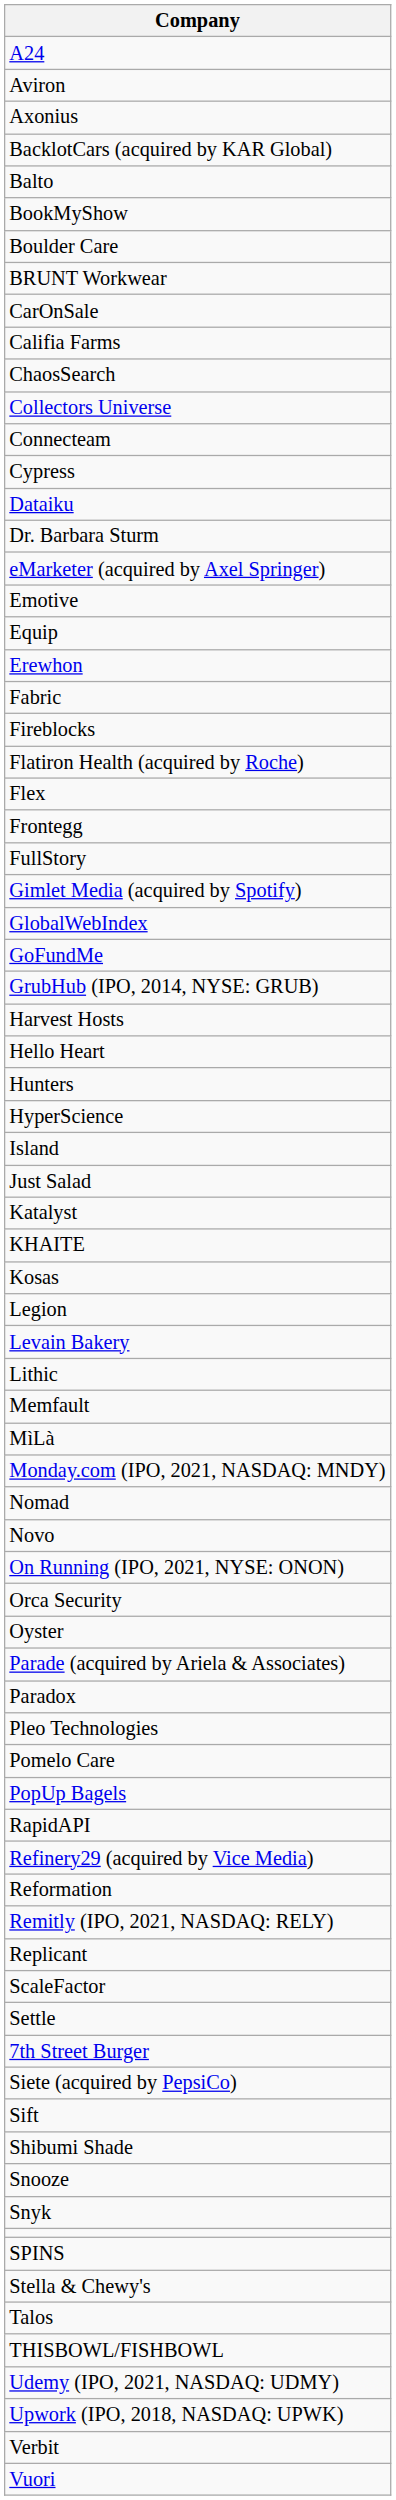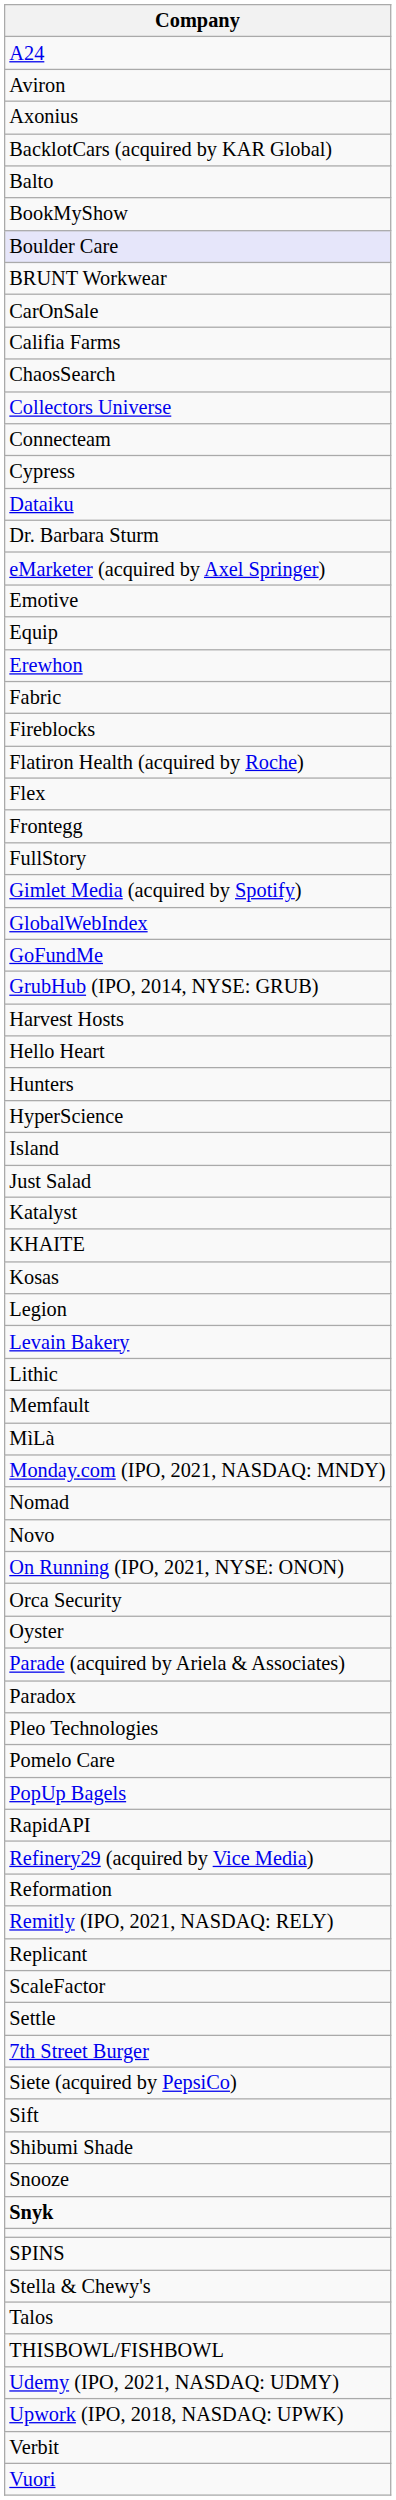 <table class="wikitable">
 <tr>
 <th>Company</th>
 </tr>
 <tr>
 <td><a href='#'>A24</a></td>
 </tr>
 <tr>
 <td>Aviron</td>
 </tr>
 <tr>
 <td>Axonius</td>
 </tr>
 <tr>
 <td>BacklotCars (acquired by KAR Global)</td>
 </tr>
 <tr>
 <td>Balto</td>
 </tr>
 <tr>
 <td>BookMyShow</td>
 </tr>
 <tr>
-<td>Boulder Care</td>
+<td style="background: lavender;">Boulder Care</td>
 </tr>
 <tr>
 <td>BRUNT Workwear</td>
 </tr>
 <tr>
 <td>CarOnSale</td>
 </tr>
 <tr>
 <td>Califia Farms</td>
 </tr>
 <tr>
 <td>ChaosSearch</td>
 </tr>
 <tr>
 <td><a href='#'>Collectors Universe</a></td>
 </tr>
 <tr>
 <td>Connecteam</td>
 </tr>
 <tr>
 <td>Cypress</td>
 </tr>
 <tr>
 <td><a href='#'>Dataiku</a></td>
 </tr>
 <tr>
 <td>Dr. Barbara Sturm</td>
 </tr>
 <tr>
 <td><a href='#'>eMarketer</a> (acquired by <a href='#'>Axel Springer</a>)</td>
 </tr>
 <tr>
 <td>Emotive</td>
 </tr>
 <tr>
 <td>Equip</td>
 </tr>
 <tr>
 <td><a href='#'>Erewhon</a></td>
 </tr>
 <tr>
 <td>Fabric</td>
 </tr>
 <tr>
 <td>Fireblocks</td>
 </tr>
 <tr>
 <td>Flatiron Health (acquired by <a href='#'>Roche</a>)</td>
 </tr>
 <tr>
 <td>Flex</td>
 </tr>
 <tr>
 <td>Frontegg</td>
 </tr>
 <tr>
 <td>FullStory</td>
 </tr>
 <tr>
 <td><a href='#'>Gimlet Media</a> (acquired by <a href='#'>Spotify</a>)</td>
 </tr>
 <tr>
 <td><a href='#'>GlobalWebIndex</a></td>
 </tr>
 <tr>
 <td><a href='#'>GoFundMe</a></td>
 </tr>
 <tr>
 <td><a href='#'>GrubHub</a> (IPO, 2014, NYSE: GRUB)</td>
 </tr>
 <tr>
 <td>Harvest Hosts</td>
 </tr>
 <tr>
 <td>Hello Heart</td>
 </tr>
 <tr>
 <td>Hunters</td>
 </tr>
 <tr>
 <td>HyperScience</td>
 </tr>
 <tr>
 <td>Island</td>
 </tr>
 <tr>
 <td>Just Salad</td>
 </tr>
 <tr>
 <td>Katalyst</td>
 </tr>
 <tr>
 <td>KHAITE</td>
 </tr>
 <tr>
 <td>Kosas</td>
 </tr>
 <tr>
 <td>Legion</td>
 </tr>
 <tr>
 <td><a href='#'>Levain Bakery</a></td>
 </tr>
 <tr>
 <td>Lithic</td>
 </tr>
 <tr>
 <td>Memfault</td>
 </tr>
 <tr>
 <td>MìLà</td>
 </tr>
 <tr>
 <td><a href='#'>Monday.com</a> (IPO, 2021, NASDAQ: MNDY)</td>
 </tr>
 <tr>
 <td>Nomad</td>
 </tr>
 <tr>
 <td>Novo</td>
 </tr>
 <tr>
 <td><a href='#'>On Running</a> (IPO, 2021, NYSE: ONON)</td>
 </tr>
 <tr>
 <td>Orca Security</td>
 </tr>
 <tr>
 <td>Oyster</td>
 </tr>
 <tr>
 <td><a href='#'>Parade</a> (acquired by Ariela & Associates)</td>
 </tr>
 <tr>
 <td>Paradox</td>
 </tr>
 <tr>
 <td>Pleo Technologies</td>
 </tr>
 <tr>
 <td>Pomelo Care</td>
 </tr>
 <tr>
 <td><a href='#'>PopUp Bagels</a></td>
 </tr>
 <tr>
 <td>RapidAPI</td>
 </tr>
 <tr>
 <td><a href='#'>Refinery29</a> (acquired by <a href='#'>Vice Media</a>)</td>
 </tr>
 <tr>
 <td>Reformation</td>
 </tr>
 <tr>
 <td><a href='#'>Remitly</a> (IPO, 2021, NASDAQ: RELY)</td>
 </tr>
 <tr>
 <td>Replicant</td>
 </tr>
 <tr>
 <td>ScaleFactor</td>
 </tr>
 <tr>
 <td>Settle</td>
 </tr>
 <tr>
 <td><a href='#'>7th Street Burger</a></td>
 </tr>
 <tr>
 <td>Siete (acquired by <a href='#'>PepsiCo</a>)</td>
 </tr>
 <tr>
 <td>Sift</td>
 </tr>
 <tr>
 <td>Shibumi Shade</td>
 </tr>
 <tr>
 <td>Snooze</td>
 </tr>
 <tr>
-<td>Snyk</td>
+<td><strong>Snyk</strong></td>
 </tr>
 <tr>
 <td></td>
 </tr>
 <tr>
 <td>SPINS</td>
 </tr>
 <tr>
 <td>Stella & Chewy's</td>
 </tr>
 <tr>
 <td>Talos</td>
 </tr>
 <tr>
 <td>THISBOWL/FISHBOWL</td>
 </tr>
 <tr>
 <td><a href='#'>Udemy</a> (IPO, 2021, NASDAQ: UDMY)</td>
 </tr>
 <tr>
 <td><a href='#'>Upwork</a> (IPO, 2018, NASDAQ: UPWK)</td>
 </tr>
 <tr>
 <td>Verbit</td>
 </tr>
 <tr>
 <td><a href='#'>Vuori</a></td>
 </tr>
 </table>
